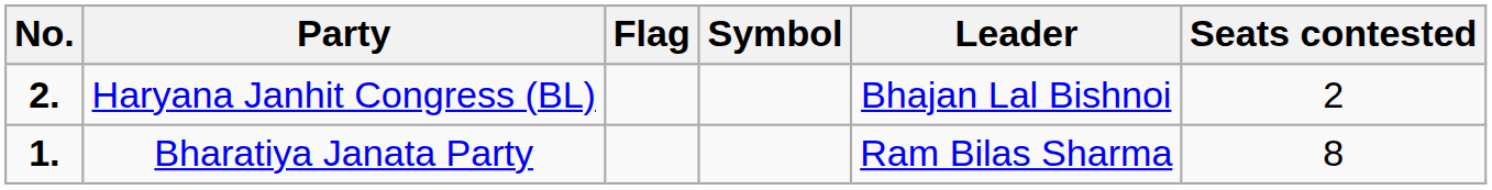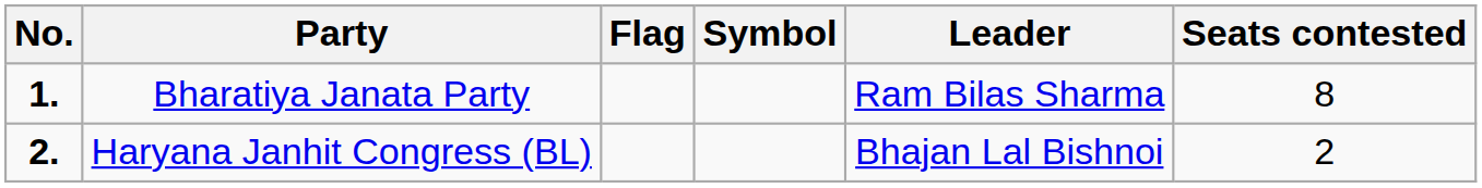 <table class="wikitable">
 <tr>
 <th>No.</th>
 <th>Party</th>
 <th>Flag</th>
 <th>Symbol</th>
 <th>Leader</th>
 <th>Seats contested</th>
 </tr>
 <tr>
+<td ! style="text-align:center; background:"><strong>1.</strong></td>
+<td style="text-align:center"><a href='#'>Bharatiya Janata Party</a></td>
+<td></td>
+<td></td>
+<td style="text-align:center"><a href='#'>Ram Bilas Sharma</a></td>
+<td style="text-align:center">8</td>
+</tr>
+<tr>
 <td ! style="text-align:center; background:"><strong>2.</strong></td>
 <td style="text-align:center"><a href='#'>Haryana Janhit Congress (BL)</a></td>
 <td></td>
 <td></td>
 <td style="text-align:center"><a href='#'>Bhajan Lal Bishnoi</a></td>
 <td style="text-align:center">2</td>
 </tr>
-<tr>
-<td ! style="text-align:center; background:"><strong>1.</strong></td>
-<td style="text-align:center"><a href='#'>Bharatiya Janata Party</a></td>
-<td></td>
-<td></td>
-<td style="text-align:center"><a href='#'>Ram Bilas Sharma</a></td>
-<td style="text-align:center">8</td>
-</tr>
 </table>
